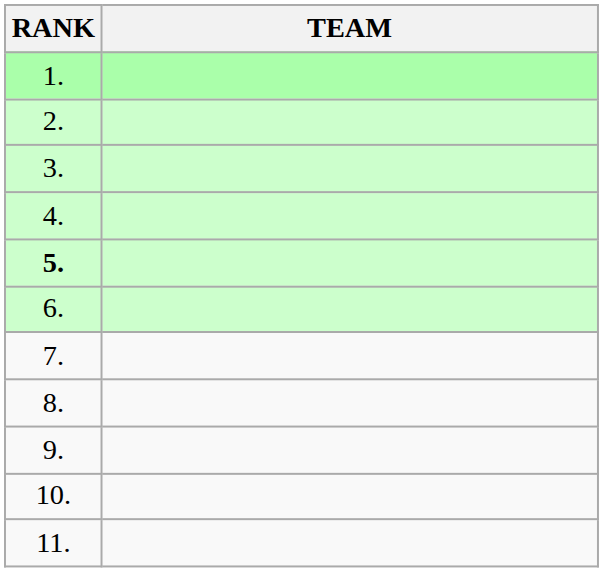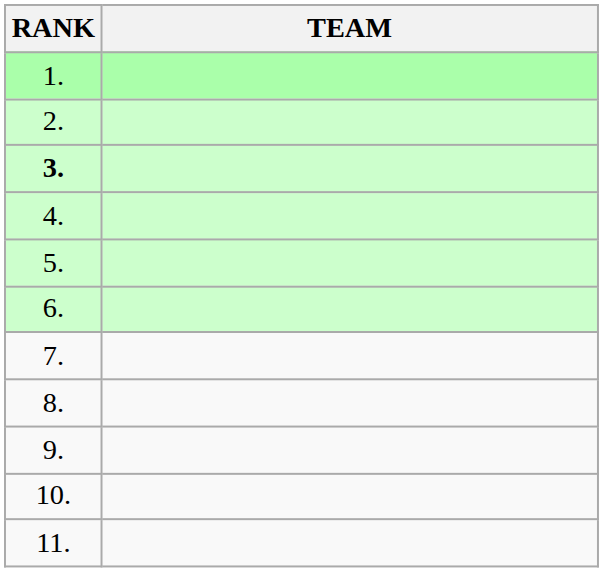 <table class="wikitable" style="border-collapse: collapse; font-size: 90%;">
 <tr>
 <th>RANK</th>
 <th align="left" style="width: 17em">TEAM</th>
 </tr>
 <tr bgcolor=#AAFFAA>
 <td align="center">1.</td>
 <td></td>
 </tr>
 <tr bgcolor=#CCFFCC>
 <td align="center">2.</td>
 <td></td>
 </tr>
 <tr bgcolor=#CCFFCC>
-<td align="center">3.</td>
+<td align="center"><strong>3.</strong></td>
 <td></td>
 </tr>
 <tr bgcolor=#CCFFCC>
 <td align="center">4.</td>
 <td></td>
 </tr>
 <tr bgcolor=#CCFFCC>
-<td align="center"><strong>5.</strong></td>
+<td align="center">5.</td>
 <td></td>
 </tr>
 <tr bgcolor=#CCFFCC>
 <td align="center">6.</td>
 <td></td>
 </tr>
 <tr>
 <td align="center">7.</td>
 <td></td>
 </tr>
 <tr>
 <td align="center">8.</td>
 <td></td>
 </tr>
 <tr>
 <td align="center">9.</td>
 <td></td>
 </tr>
 <tr>
 <td align="center">10.</td>
 <td></td>
 </tr>
 <tr>
 <td align="center">11.</td>
 <td></td>
 </tr>
 </table>
